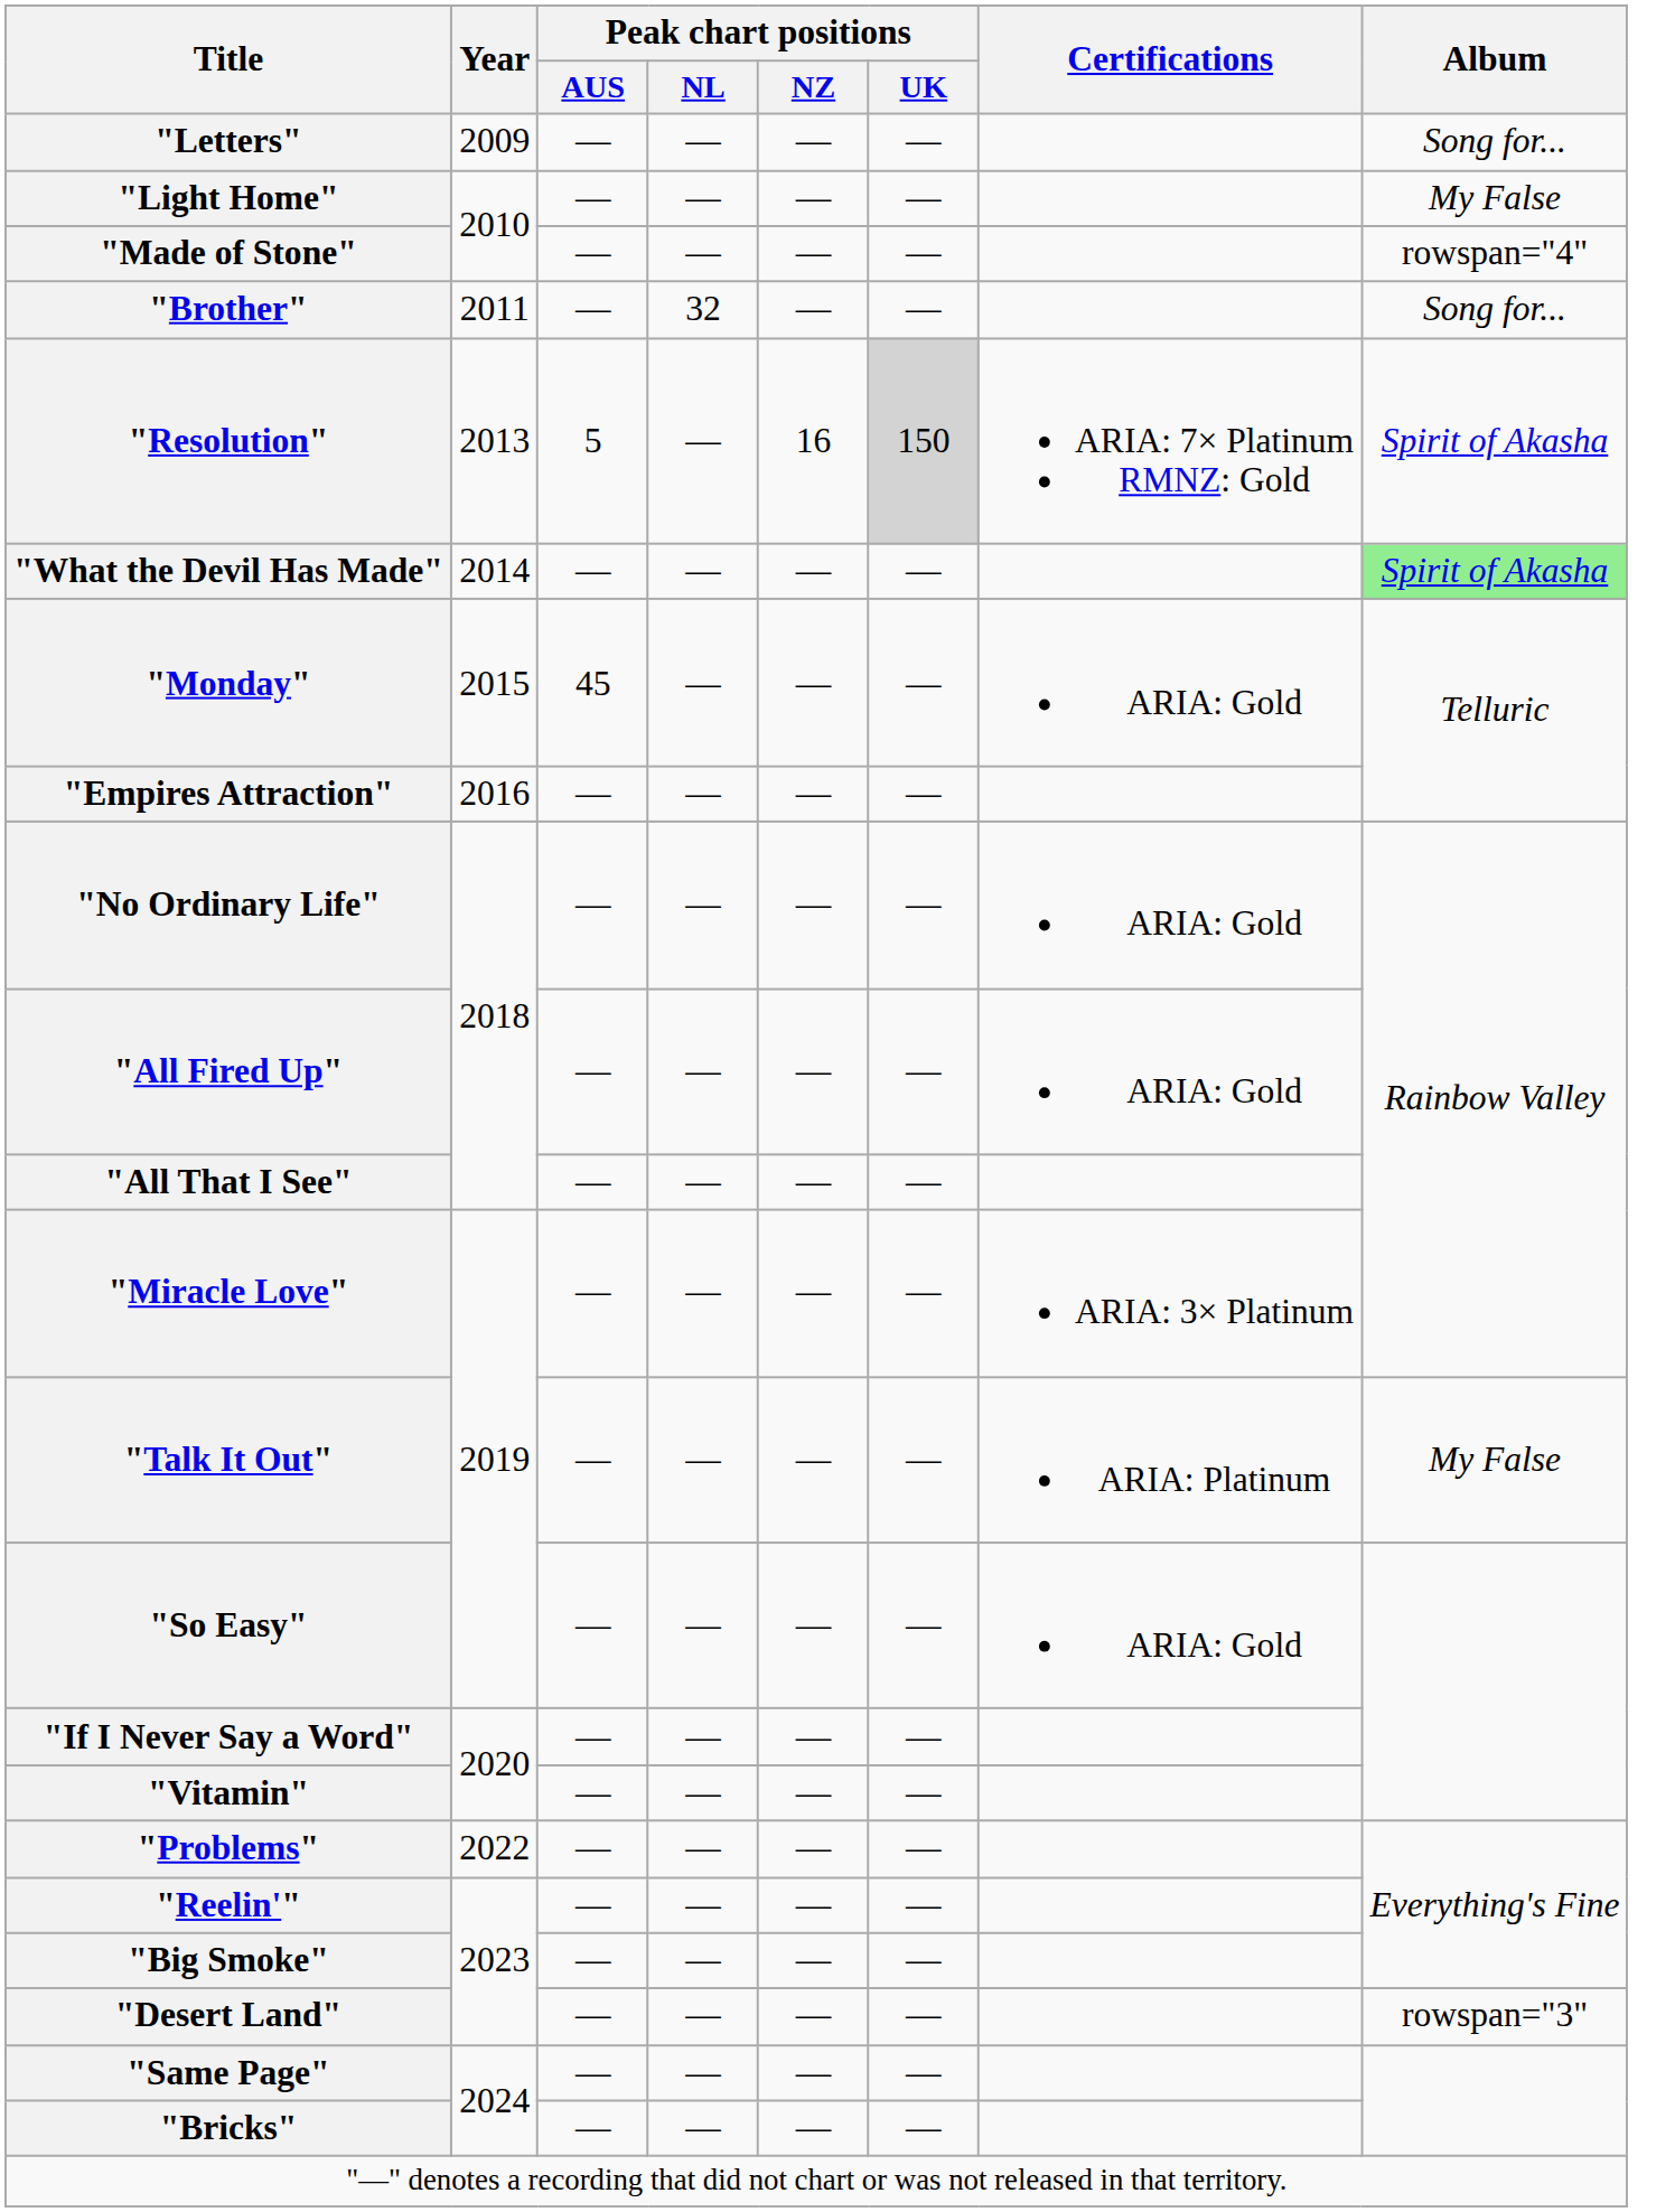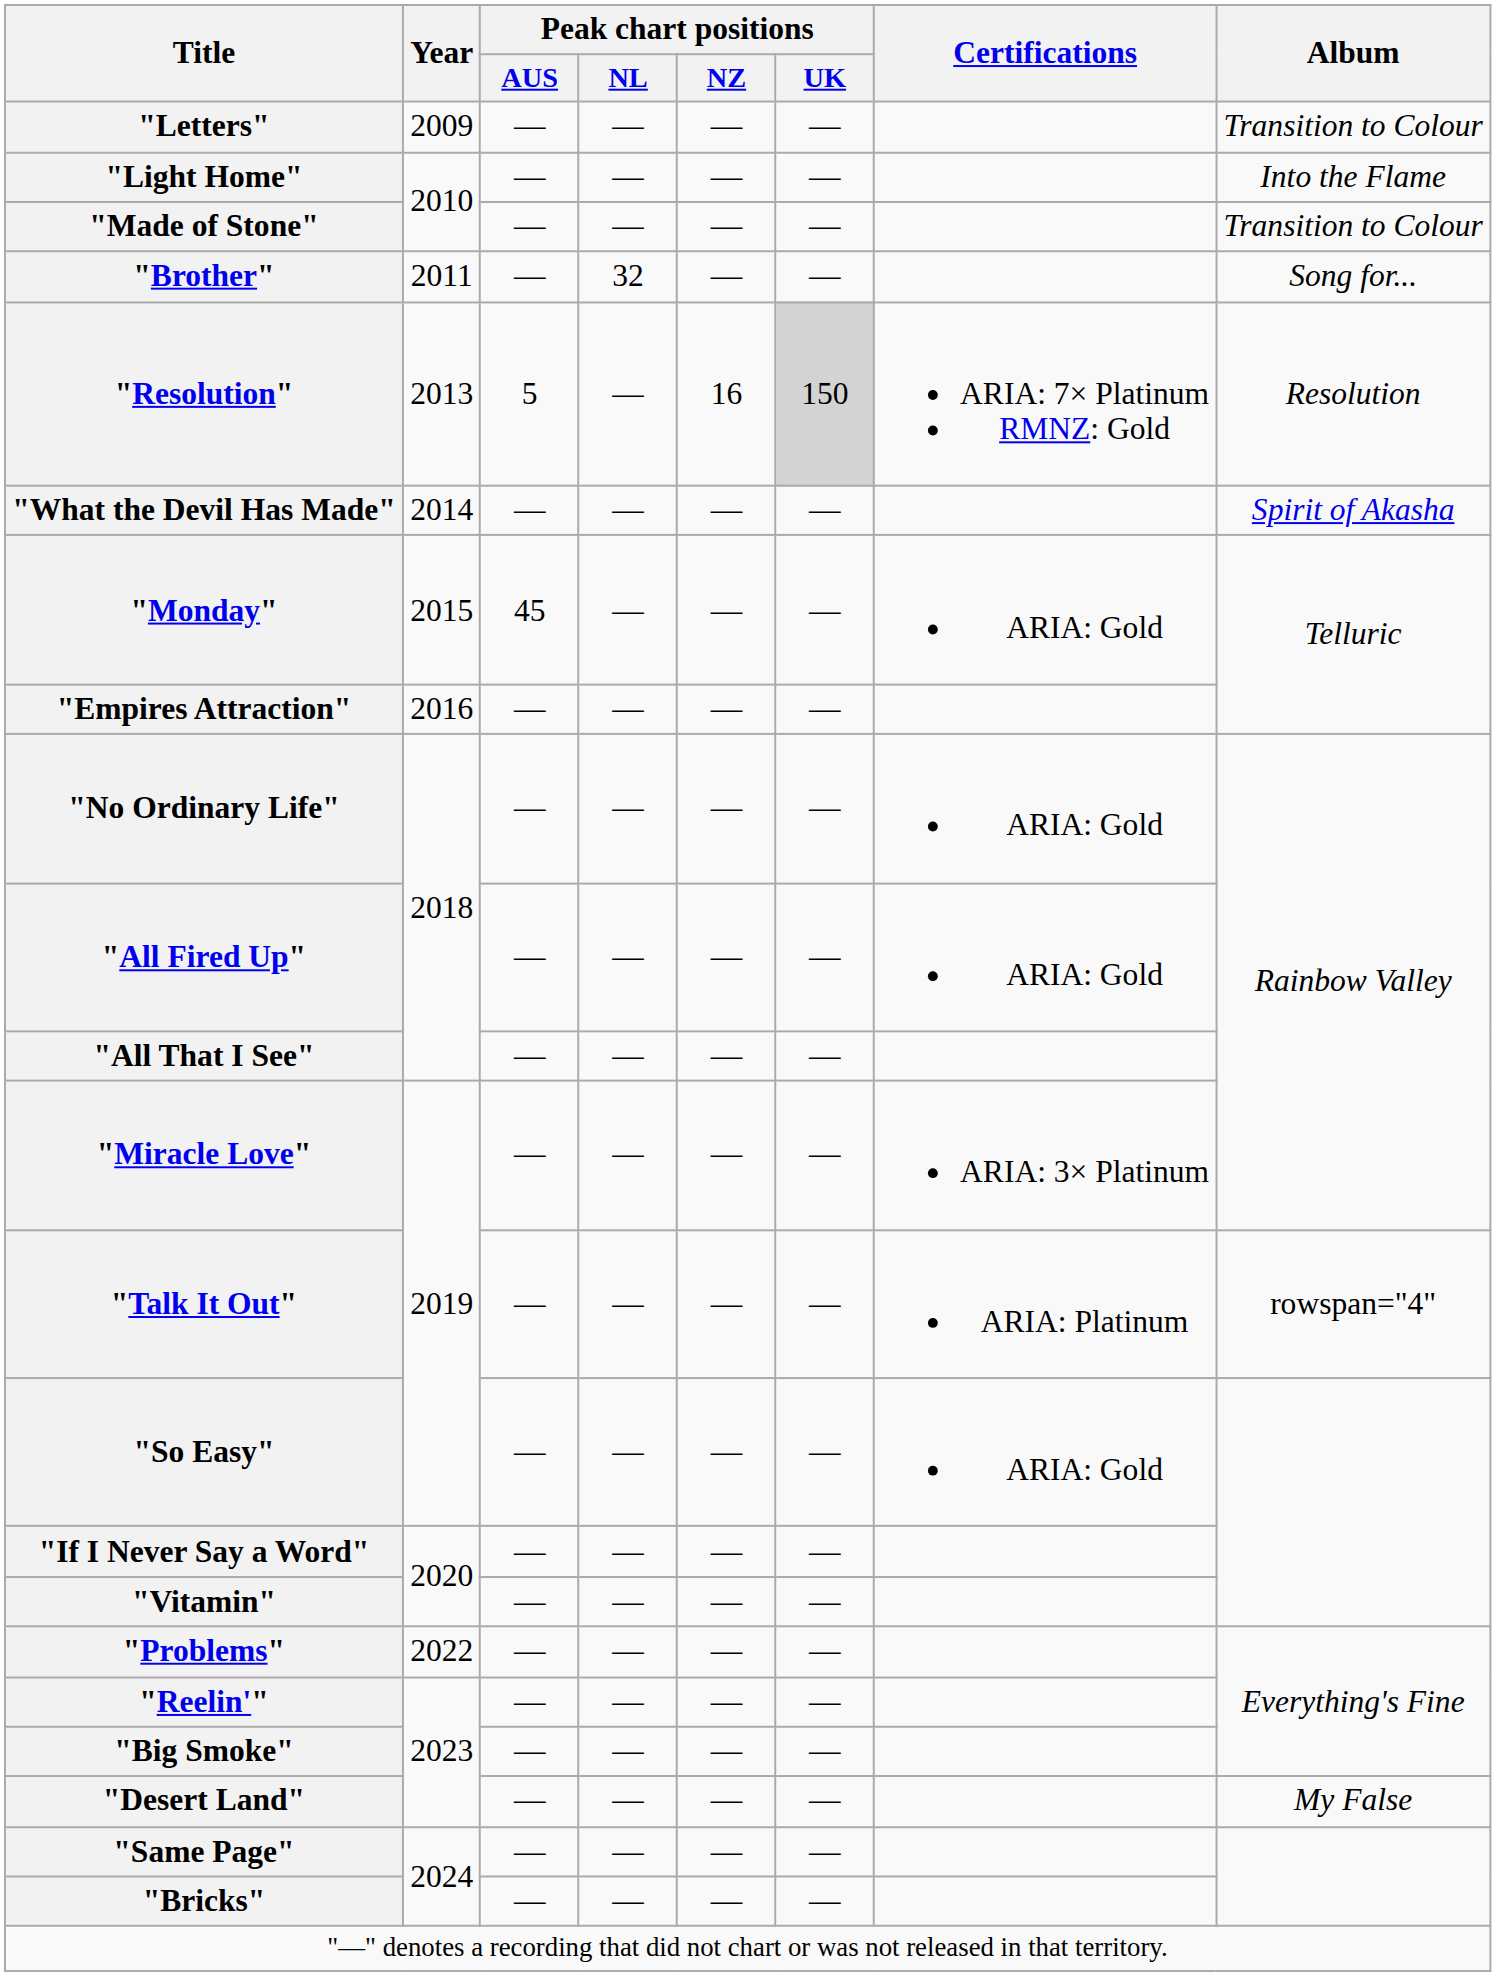 <table class="wikitable plainrowheaders" style="text-align:center;">
 <tr>
 <th scope="col" rowspan="2">Title</th>
 <th scope="col" rowspan="2">Year</th>
 <th scope="col" colspan="4">Peak chart positions</th>
 <th scope="col" rowspan="2"><a href='#'>Certifications</a></th>
 <th scope="col" rowspan="2">Album</th>
 </tr>
 <tr>
 <th scope="col" style="width:3em;font-size:90%;"n><a href='#'>AUS</a><br></th>
 <th scope="col" style="width:3em;font-size:90%;"><a href='#'>NL</a><br></th>
 <th scope="col" style="width:3em;font-size:90%;"><a href='#'>NZ</a><br></th>
 <th scope="col" style="width:3em;font-size:90%;"><a href='#'>UK</a><br></th>
 </tr>
 <tr>
 <th scope="row">"Letters"</th>
 <td>2009</td>
 <td>—</td>
 <td>—</td>
 <td>—</td>
 <td>—</td>
 <td></td>
-<td><em>Song for...</em></td>
+<td><em>Transition to Colour</em></td>
 </tr>
 <tr>
 <th scope="row">"Light Home"</th>
 <td rowspan="2">2010</td>
 <td>—</td>
 <td>—</td>
 <td>—</td>
 <td>—</td>
 <td></td>
-<td><em>My False</em></td>
+<td><em>Into the Flame</em></td>
 </tr>
 <tr>
 <th scope="row">"Made of Stone"</th>
 <td>—</td>
 <td>—</td>
 <td>—</td>
 <td>—</td>
 <td></td>
-<td>rowspan="4" </td>
+<td><em>Transition to Colour</em></td>
 </tr>
 <tr>
 <th scope="row">"<a href='#'>Brother</a>"</th>
 <td>2011</td>
 <td>—</td>
 <td>32</td>
 <td>—</td>
 <td>—</td>
 <td></td>
 <td><em>Song for...</em></td>
 </tr>
 <tr>
 <th scope="row">"<a href='#'>Resolution</a>"</th>
 <td>2013</td>
 <td>5</td>
 <td>—</td>
 <td>16</td>
 <td style="background: lightgrey;">150</td>
 <td><br><ul><li>ARIA: 7× Platinum</li><li><a href='#'>RMNZ</a>: Gold</li></ul></td>
-<td><em><a href='#'>Spirit of Akasha</a></em></td>
+<td><em>Resolution</em></td>
 </tr>
 <tr>
 <th scope="row">"What the Devil Has Made"</th>
 <td>2014</td>
 <td>—</td>
 <td>—</td>
 <td>—</td>
 <td>—</td>
 <td></td>
-<td style="background: lightgreen;"><em><a href='#'>Spirit of Akasha</a></em></td>
+<td><em><a href='#'>Spirit of Akasha</a></em></td>
 </tr>
 <tr>
 <th scope="row">"<a href='#'>Monday</a>"</th>
 <td>2015</td>
 <td>45</td>
 <td>—</td>
 <td>—</td>
 <td>—</td>
 <td><br><ul><li>ARIA: Gold</li></ul></td>
 <td rowspan="2"><em>Telluric</em></td>
 </tr>
 <tr>
 <th scope="row">"Empires Attraction"</th>
 <td>2016</td>
 <td>—</td>
 <td>—</td>
 <td>—</td>
 <td>—</td>
 <td></td>
 </tr>
 <tr>
 <th scope="row">"No Ordinary Life"</th>
 <td rowspan="3">2018</td>
 <td>—</td>
 <td>—</td>
 <td>—</td>
 <td>—</td>
 <td><br><ul><li>ARIA: Gold</li></ul></td>
 <td rowspan="4"><em>Rainbow Valley</em></td>
 </tr>
 <tr>
 <th scope="row">"<a href='#'>All Fired Up</a>"</th>
 <td>—</td>
 <td>—</td>
 <td>—</td>
 <td>—</td>
 <td><br><ul><li>ARIA: Gold</li></ul></td>
 </tr>
 <tr>
 <th scope="row">"All That I See"</th>
 <td>—</td>
 <td>—</td>
 <td>—</td>
 <td>—</td>
 <td></td>
 </tr>
 <tr>
 <th scope="row">"<a href='#'>Miracle Love</a>"</th>
 <td rowspan="3">2019</td>
 <td>—</td>
 <td>—</td>
 <td>—</td>
 <td>—</td>
 <td><br><ul><li>ARIA: 3× Platinum</li></ul></td>
 </tr>
 <tr>
 <th scope="row">"<a href='#'>Talk It Out</a>"<br></th>
 <td>—</td>
 <td>—</td>
 <td>—</td>
 <td>—</td>
 <td><br><ul><li>ARIA: Platinum</li></ul></td>
-<td><em>My False</em></td>
+<td>rowspan="4" </td>
 </tr>
 <tr>
 <th scope="row">"So Easy"<br></th>
 <td>—</td>
 <td>—</td>
 <td>—</td>
 <td>—</td>
 <td><br><ul><li>ARIA: Gold</li></ul></td>
 </tr>
 <tr>
 <th scope="row">"If I Never Say a Word"</th>
 <td rowspan="2">2020</td>
 <td>—</td>
 <td>—</td>
 <td>—</td>
 <td>—</td>
 <td></td>
 </tr>
 <tr>
 <th scope="row">"Vitamin"</th>
 <td>—</td>
 <td>—</td>
 <td>—</td>
 <td>—</td>
 <td></td>
 </tr>
 <tr>
 <th scope="row">"<a href='#'>Problems</a>"</th>
 <td>2022</td>
 <td>—</td>
 <td>—</td>
 <td>—</td>
 <td>—</td>
 <td></td>
 <td rowspan="3"><em>Everything's Fine</em></td>
 </tr>
 <tr>
 <th scope="row">"<a href='#'>Reelin'</a>"</th>
 <td rowspan="3">2023</td>
 <td>—</td>
 <td>—</td>
 <td>—</td>
 <td>—</td>
 <td></td>
 </tr>
 <tr>
 <th scope="row">"Big Smoke"</th>
 <td>—</td>
 <td>—</td>
 <td>—</td>
 <td>—</td>
 <td></td>
 </tr>
 <tr>
 <th scope="row">"Desert Land"</th>
 <td>—</td>
 <td>—</td>
 <td>—</td>
 <td>—</td>
 <td></td>
-<td>rowspan="3" </td>
+<td><em>My False</em></td>
 </tr>
 <tr>
 <th scope="row">"Same Page"<br></th>
 <td rowspan="2">2024</td>
 <td>—</td>
 <td>—</td>
 <td>—</td>
 <td>—</td>
 <td></td>
 </tr>
 <tr>
 <th scope="row">"Bricks"<br></th>
 <td>—</td>
 <td>—</td>
 <td>—</td>
 <td>—</td>
 <td></td>
 </tr>
 <tr>
 <td colspan="8" style="font-size:85%">"—" denotes a recording that did not chart or was not released in that territory.</td>
 </tr>
 </table>
